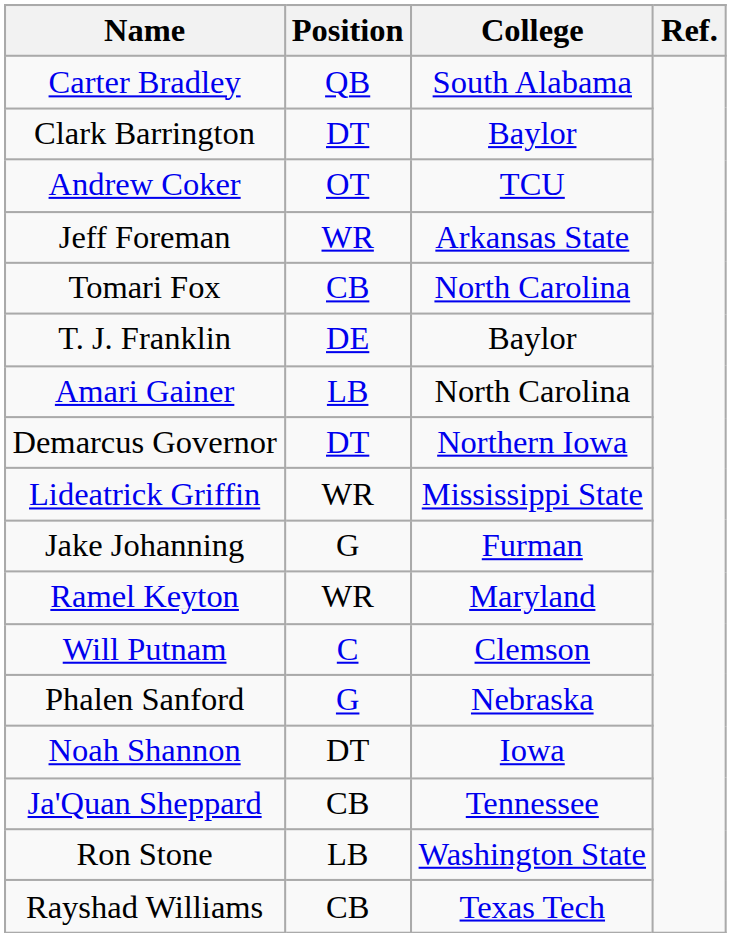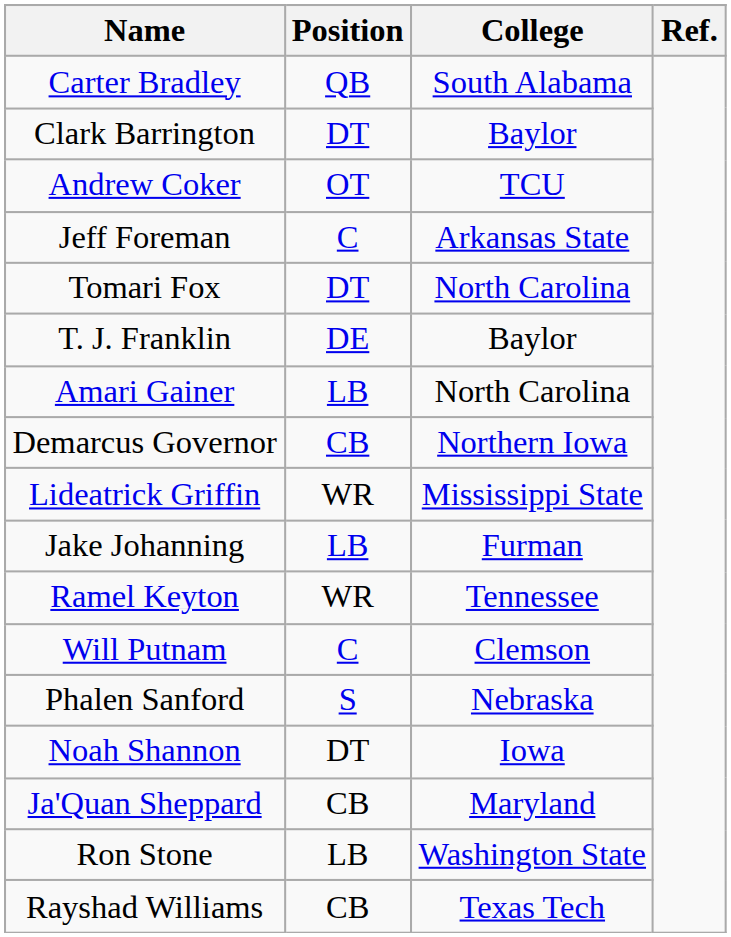 <table class="wikitable" style="text-align:center">
 <tr>
 <th>Name</th>
 <th>Position</th>
 <th>College</th>
 <th>Ref.</th>
 </tr>
 <tr>
 <td><a href='#'>Carter Bradley</a></td>
 <td><a href='#'>QB</a></td>
 <td><a href='#'>South Alabama</a></td>
 <td rowspan="17"></td>
 </tr>
 <tr>
 <td>Clark Barrington</td>
 <td><a href='#'>DT</a></td>
 <td><a href='#'>Baylor</a></td>
 </tr>
 <tr>
 <td><a href='#'>Andrew Coker</a></td>
 <td><a href='#'>OT</a></td>
 <td><a href='#'>TCU</a></td>
 </tr>
 <tr>
 <td>Jeff Foreman</td>
-<td><a href='#'>WR</a></td>
+<td><a href='#'>C</a></td>
 <td><a href='#'>Arkansas State</a></td>
 </tr>
 <tr>
 <td>Tomari Fox</td>
-<td><a href='#'>CB</a></td>
+<td><a href='#'>DT</a></td>
 <td><a href='#'>North Carolina</a></td>
 </tr>
 <tr>
 <td>T. J. Franklin</td>
 <td><a href='#'>DE</a></td>
 <td>Baylor</td>
 </tr>
 <tr>
 <td><a href='#'>Amari Gainer</a></td>
 <td><a href='#'>LB</a></td>
 <td>North Carolina</td>
 </tr>
 <tr>
 <td>Demarcus Governor</td>
-<td><a href='#'>DT</a></td>
+<td><a href='#'>CB</a></td>
 <td><a href='#'>Northern Iowa</a></td>
 </tr>
 <tr>
 <td><a href='#'>Lideatrick Griffin</a></td>
 <td>WR</td>
 <td><a href='#'>Mississippi State</a></td>
 </tr>
 <tr>
 <td>Jake Johanning</td>
-<td>G</td>
+<td><a href='#'>LB</a></td>
 <td><a href='#'>Furman</a></td>
 </tr>
 <tr>
 <td><a href='#'>Ramel Keyton</a></td>
 <td>WR</td>
-<td><a href='#'>Maryland</a></td>
+<td><a href='#'>Tennessee</a></td>
 </tr>
 <tr>
 <td><a href='#'>Will Putnam</a></td>
 <td><a href='#'>C</a></td>
 <td><a href='#'>Clemson</a></td>
 </tr>
 <tr>
 <td>Phalen Sanford</td>
-<td><a href='#'>G</a></td>
+<td><a href='#'>S</a></td>
 <td><a href='#'>Nebraska</a></td>
 </tr>
 <tr>
 <td><a href='#'>Noah Shannon</a></td>
 <td>DT</td>
 <td><a href='#'>Iowa</a></td>
 </tr>
 <tr>
 <td><a href='#'>Ja'Quan Sheppard</a></td>
 <td>CB</td>
-<td><a href='#'>Tennessee</a></td>
+<td><a href='#'>Maryland</a></td>
 </tr>
 <tr>
 <td>Ron Stone</td>
 <td>LB</td>
 <td><a href='#'>Washington State</a></td>
 </tr>
 <tr>
 <td>Rayshad Williams</td>
 <td>CB</td>
 <td><a href='#'>Texas Tech</a></td>
 </tr>
 </table>
